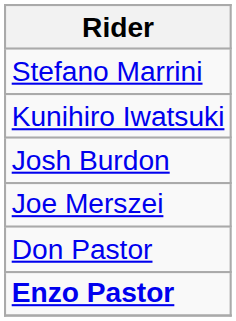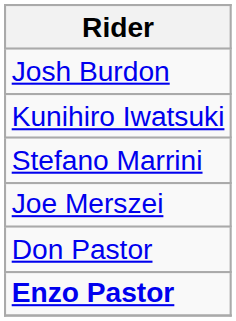 <table class="wikitable" style="font-size: 85%;">
 <tr>
 <th>Rider</th>
 </tr>
 <tr>
-<td> <a href='#'>Stefano Marrini</a></td>
+<td> <a href='#'>Josh Burdon</a></td>
 </tr>
 <tr>
 <td> <a href='#'>Kunihiro Iwatsuki</a></td>
 </tr>
 <tr>
-<td> <a href='#'>Josh Burdon</a></td>
+<td> <a href='#'>Stefano Marrini</a></td>
 </tr>
 <tr>
 <td> <a href='#'>Joe Merszei</a></td>
 </tr>
 <tr>
 <td> <a href='#'>Don Pastor</a></td>
 </tr>
 <tr>
 <td><strong> <a href='#'>Enzo Pastor</a></strong></td>
 </tr>
 <tr>
 </tr>
 </table>
